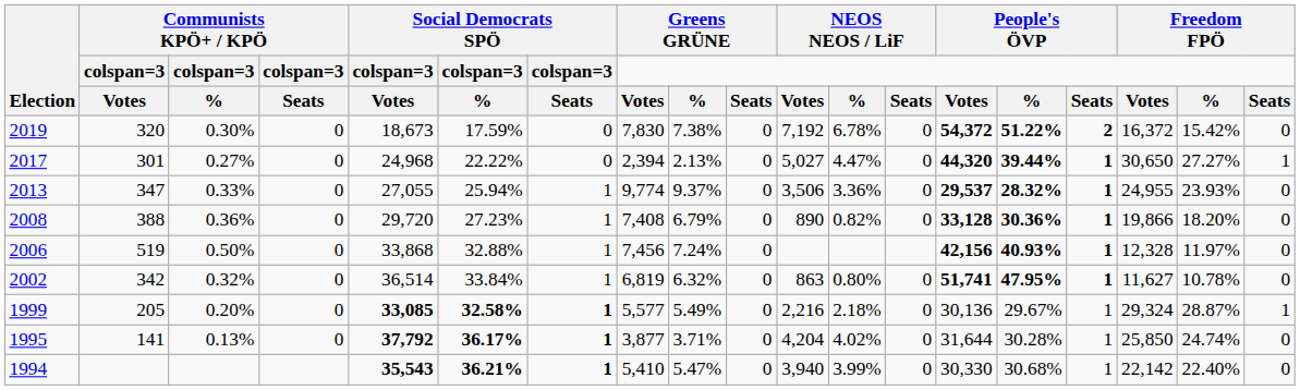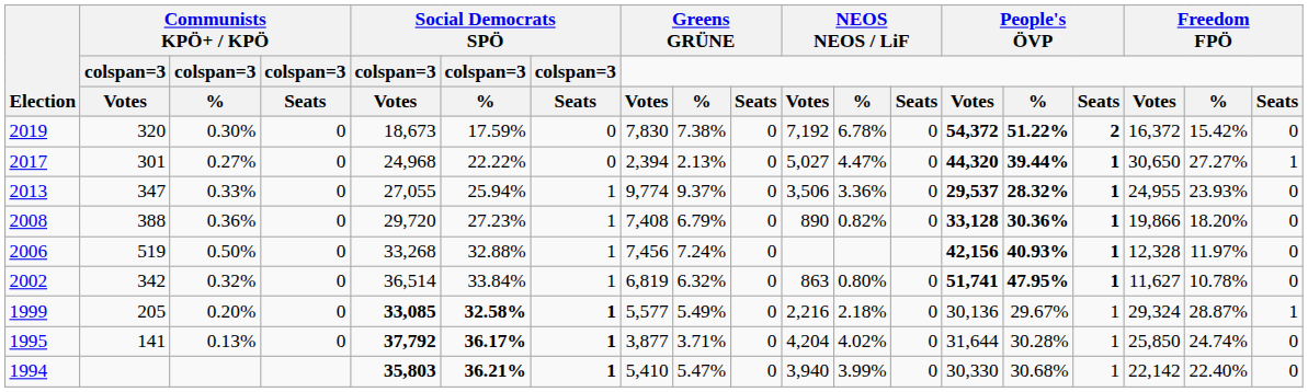 <table class="wikitable" border="1" style="font-size:100%; text-align:right;">
 <tr>
 <th style="text-align:left;" valign=bottom rowspan=3>Election</th>
 <th valign=bottom colspan=3><a href='#'>Communists</a><br>KPÖ+ / KPÖ</th>
 <th valign=bottom colspan=3><a href='#'>Social Democrats</a><br>SPÖ</th>
 <th valign=bottom colspan=3><a href='#'>Greens</a><br>GRÜNE</th>
 <th valign=bottom colspan=3><a href='#'>NEOS</a><br>NEOS / LiF</th>
 <th valign=bottom colspan=3><a href='#'>People's</a><br>ÖVP</th>
 <th valign=bottom colspan=3><a href='#'>Freedom</a><br>FPÖ</th>
 </tr>
 <tr>
 <th>colspan=3 </th>
 <th>colspan=3 </th>
 <th>colspan=3 </th>
 <th>colspan=3 </th>
 <th>colspan=3 </th>
 <th>colspan=3 </th>
 </tr>
 <tr>
 <th>Votes</th>
 <th>%</th>
 <th>Seats</th>
 <th>Votes</th>
 <th>%</th>
 <th>Seats</th>
 <th>Votes</th>
 <th>%</th>
 <th>Seats</th>
 <th>Votes</th>
 <th>%</th>
 <th>Seats</th>
 <th>Votes</th>
 <th>%</th>
 <th>Seats</th>
 <th>Votes</th>
 <th>%</th>
 <th>Seats</th>
 </tr>
 <tr>
 <td align=left><a href='#'>2019</a></td>
 <td>320</td>
 <td>0.30%</td>
 <td>0</td>
 <td>18,673</td>
 <td>17.59%</td>
 <td>0</td>
 <td>7,830</td>
 <td>7.38%</td>
 <td>0</td>
 <td>7,192</td>
 <td>6.78%</td>
 <td>0</td>
 <td><strong>54,372</strong></td>
 <td><strong>51.22%</strong></td>
 <td><strong>2</strong></td>
 <td>16,372</td>
 <td>15.42%</td>
 <td>0</td>
 </tr>
 <tr>
 <td align=left><a href='#'>2017</a></td>
 <td>301</td>
 <td>0.27%</td>
 <td>0</td>
 <td>24,968</td>
 <td>22.22%</td>
 <td>0</td>
 <td>2,394</td>
 <td>2.13%</td>
 <td>0</td>
 <td>5,027</td>
 <td>4.47%</td>
 <td>0</td>
 <td><strong>44,320</strong></td>
 <td><strong>39.44%</strong></td>
 <td><strong>1</strong></td>
 <td>30,650</td>
 <td>27.27%</td>
 <td>1</td>
 </tr>
 <tr>
 <td align=left><a href='#'>2013</a></td>
 <td>347</td>
 <td>0.33%</td>
 <td>0</td>
 <td>27,055</td>
 <td>25.94%</td>
 <td>1</td>
 <td>9,774</td>
 <td>9.37%</td>
 <td>0</td>
 <td>3,506</td>
 <td>3.36%</td>
 <td>0</td>
 <td><strong>29,537</strong></td>
 <td><strong>28.32%</strong></td>
 <td><strong>1</strong></td>
 <td>24,955</td>
 <td>23.93%</td>
 <td>0</td>
 </tr>
 <tr>
 <td align=left><a href='#'>2008</a></td>
 <td>388</td>
 <td>0.36%</td>
 <td>0</td>
 <td>29,720</td>
 <td>27.23%</td>
 <td>1</td>
 <td>7,408</td>
 <td>6.79%</td>
 <td>0</td>
 <td>890</td>
 <td>0.82%</td>
 <td>0</td>
 <td><strong>33,128</strong></td>
 <td><strong>30.36%</strong></td>
 <td><strong>1</strong></td>
 <td>19,866</td>
 <td>18.20%</td>
 <td>0</td>
 </tr>
 <tr>
 <td align=left><a href='#'>2006</a></td>
 <td>519</td>
 <td>0.50%</td>
 <td>0</td>
-<td>33,868</td>
+<td>33,268</td>
 <td>32.88%</td>
 <td>1</td>
 <td>7,456</td>
 <td>7.24%</td>
 <td>0</td>
 <td></td>
 <td></td>
 <td></td>
 <td><strong>42,156</strong></td>
 <td><strong>40.93%</strong></td>
 <td><strong>1</strong></td>
 <td>12,328</td>
 <td>11.97%</td>
 <td>0</td>
 </tr>
 <tr>
 <td align=left><a href='#'>2002</a></td>
 <td>342</td>
 <td>0.32%</td>
 <td>0</td>
 <td>36,514</td>
 <td>33.84%</td>
 <td>1</td>
 <td>6,819</td>
 <td>6.32%</td>
 <td>0</td>
 <td>863</td>
 <td>0.80%</td>
 <td>0</td>
 <td><strong>51,741</strong></td>
 <td><strong>47.95%</strong></td>
 <td><strong>1</strong></td>
 <td>11,627</td>
 <td>10.78%</td>
 <td>0</td>
 </tr>
 <tr>
 <td align=left><a href='#'>1999</a></td>
 <td>205</td>
 <td>0.20%</td>
 <td>0</td>
 <td><strong>33,085</strong></td>
 <td><strong>32.58%</strong></td>
 <td><strong>1</strong></td>
 <td>5,577</td>
 <td>5.49%</td>
 <td>0</td>
 <td>2,216</td>
 <td>2.18%</td>
 <td>0</td>
 <td>30,136</td>
 <td>29.67%</td>
 <td>1</td>
 <td>29,324</td>
 <td>28.87%</td>
 <td>1</td>
 </tr>
 <tr>
 <td align=left><a href='#'>1995</a></td>
 <td>141</td>
 <td>0.13%</td>
 <td>0</td>
 <td><strong>37,792</strong></td>
 <td><strong>36.17%</strong></td>
 <td><strong>1</strong></td>
 <td>3,877</td>
 <td>3.71%</td>
 <td>0</td>
 <td>4,204</td>
 <td>4.02%</td>
 <td>0</td>
 <td>31,644</td>
 <td>30.28%</td>
 <td>1</td>
 <td>25,850</td>
 <td>24.74%</td>
 <td>0</td>
 </tr>
 <tr>
 <td align=left><a href='#'>1994</a></td>
 <td></td>
 <td></td>
 <td></td>
-<td><strong>35,543</strong></td>
+<td><strong>35,803</strong></td>
 <td><strong>36.21%</strong></td>
 <td><strong>1</strong></td>
 <td>5,410</td>
 <td>5.47%</td>
 <td>0</td>
 <td>3,940</td>
 <td>3.99%</td>
 <td>0</td>
 <td>30,330</td>
 <td>30.68%</td>
 <td>1</td>
 <td>22,142</td>
 <td>22.40%</td>
 <td>0</td>
 </tr>
 </table>
